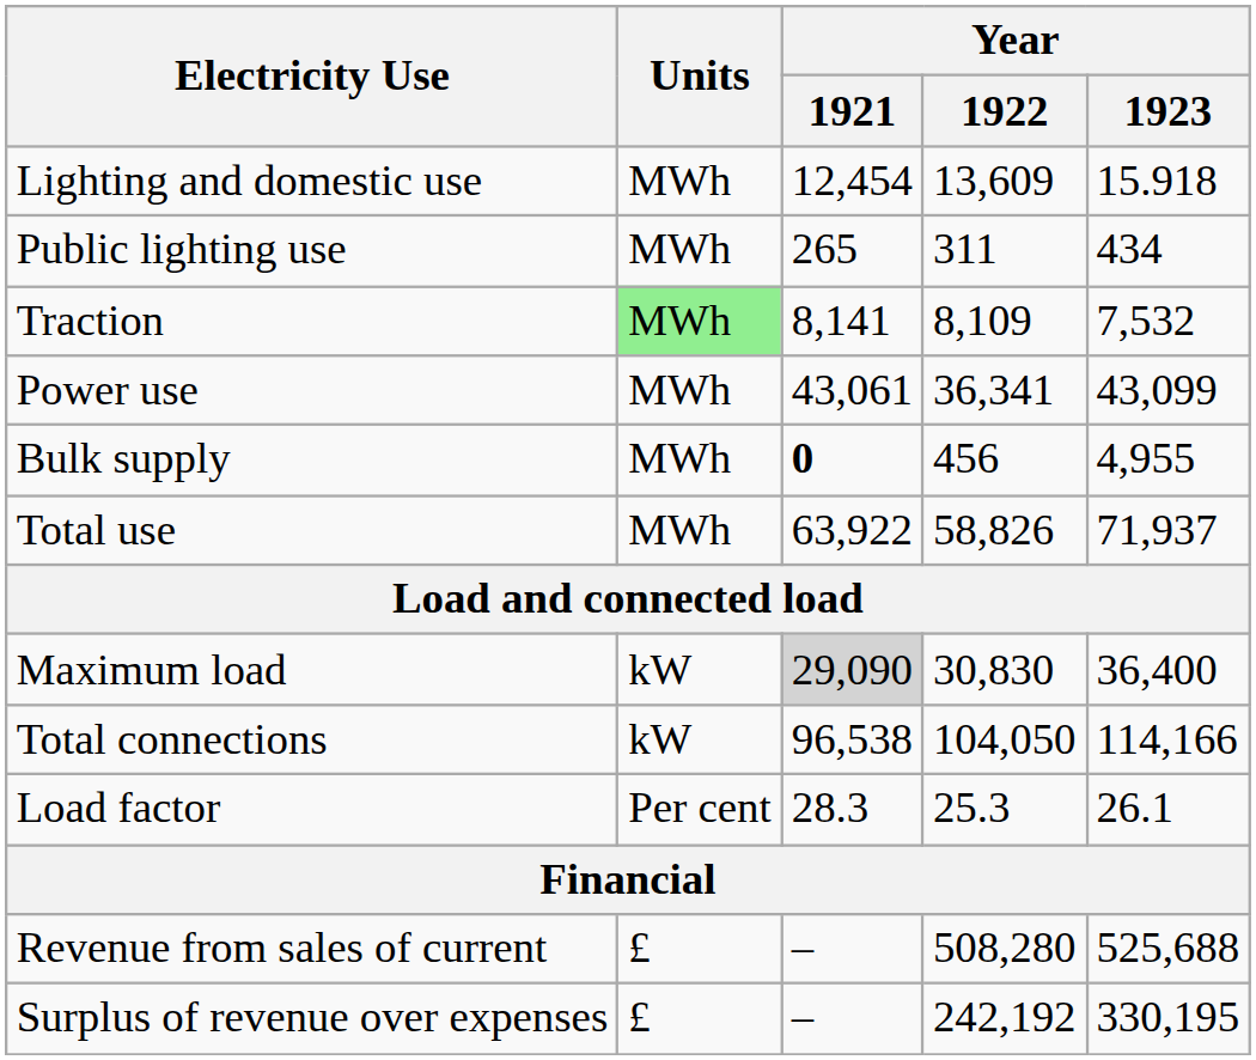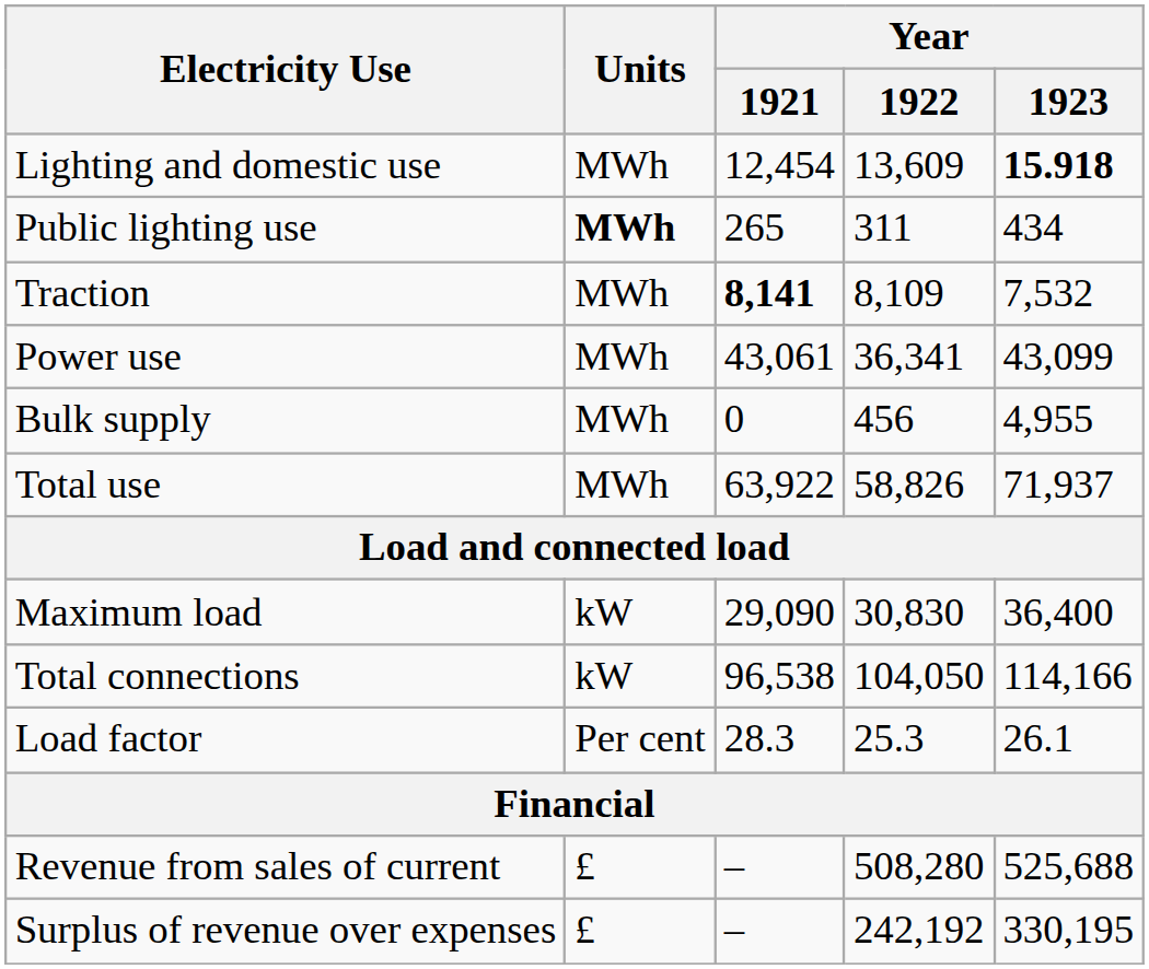 <table class="wikitable">
 <tr>
 <th rowspan="2">Electricity  Use</th>
 <th rowspan="2">Units</th>
 <th colspan="3">Year</th>
 </tr>
 <tr>
 <th>1921</th>
 <th>1922</th>
 <th>1923</th>
 </tr>
 <tr>
 <td>Lighting  and domestic use</td>
 <td>MWh</td>
 <td>12,454</td>
 <td>13,609</td>
-<td>15.918</td>
+<td><strong>15.918</strong></td>
 </tr>
 <tr>
 <td>Public  lighting use</td>
-<td>MWh</td>
+<td><strong>MWh</strong></td>
 <td>265</td>
 <td>311</td>
 <td>434</td>
 </tr>
 <tr>
 <td>Traction</td>
-<td style="background: lightgreen;">MWh</td>
-<td>8,141</td>
+<td>MWh</td>
+<td><strong>8,141</strong></td>
 <td>8,109</td>
 <td>7,532</td>
 </tr>
 <tr>
 <td>Power  use</td>
 <td>MWh</td>
 <td>43,061</td>
 <td>36,341</td>
 <td>43,099</td>
 </tr>
 <tr>
 <td>Bulk  supply</td>
 <td>MWh</td>
-<td><strong>0</strong></td>
+<td>0</td>
 <td>456</td>
 <td>4,955</td>
 </tr>
 <tr>
 <td>Total  use</td>
 <td>MWh</td>
 <td>63,922</td>
 <td>58,826</td>
 <td>71,937</td>
 </tr>
 <tr>
 <th colspan="5">Load  and connected load</th>
 </tr>
 <tr>
 <td>Maximum  load</td>
 <td>kW</td>
-<td style="background: lightgrey;">29,090</td>
+<td>29,090</td>
 <td>30,830</td>
 <td>36,400</td>
 </tr>
 <tr>
 <td>Total  connections</td>
 <td>kW</td>
 <td>96,538</td>
 <td>104,050</td>
 <td>114,166</td>
 </tr>
 <tr>
 <td>Load  factor</td>
 <td>Per  cent</td>
 <td>28.3</td>
 <td>25.3</td>
 <td>26.1</td>
 </tr>
 <tr>
 <th colspan="5">Financial</th>
 </tr>
 <tr>
 <td>Revenue  from sales of current</td>
 <td>£</td>
 <td>–</td>
 <td>508,280</td>
 <td>525,688</td>
 </tr>
 <tr>
 <td>Surplus  of revenue over expenses</td>
 <td>£</td>
 <td>–</td>
 <td>242,192</td>
 <td>330,195</td>
 </tr>
 </table>
